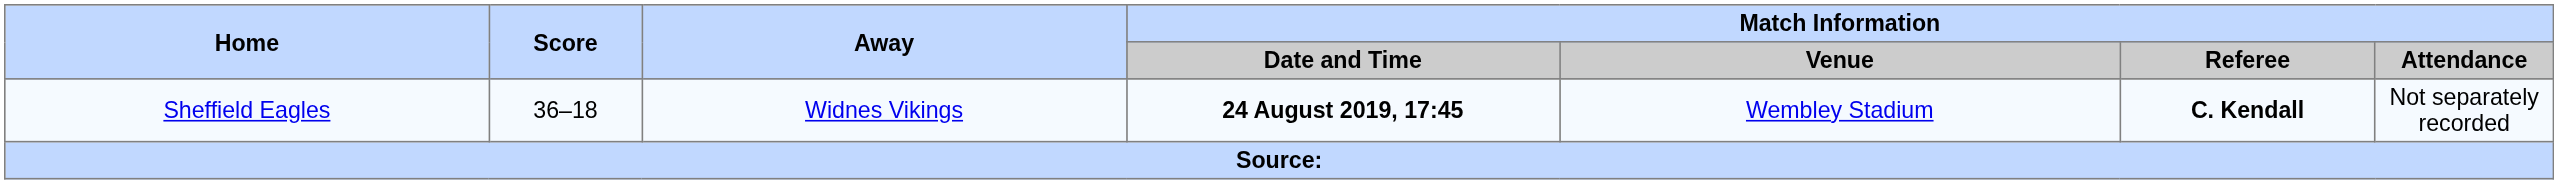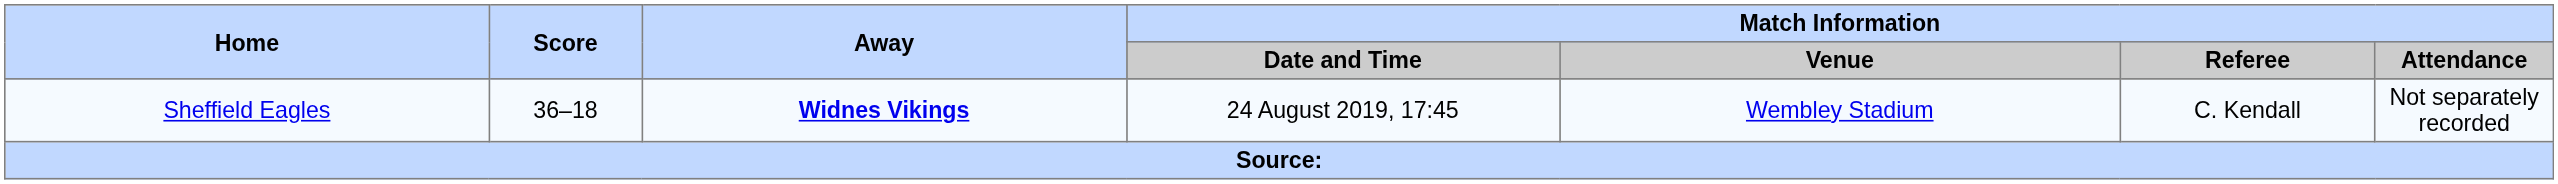 <table border=1 style="border-collapse:collapse; font-size:90%; text-align:center;" cellpadding=3 cellspacing=0 width=100%>
 <tr bgcolor=#C1D8FF>
 <th rowspan=2 width=19%>Home</th>
 <th rowspan=2 width=6%>Score</th>
 <th rowspan=2 width=19%>Away</th>
 <th colspan=4>Match Information</th>
 </tr>
 <tr bgcolor=#CCCCCC>
 <th width=17%>Date and Time</th>
 <th width=22%>Venue</th>
 <th width=10%>Referee</th>
 <th width=7%>Attendance</th>
 </tr>
 <tr bgcolor=#F5FAFF>
 <td> <a href='#'>Sheffield Eagles</a></td>
 <td>36–18</td>
-<td> <a href='#'>Widnes Vikings</a></td>
-<td><strong>24 August 2019, 17:45</strong></td>
+<td><strong> <a href='#'>Widnes Vikings</a></strong></td>
+<td>24 August 2019, 17:45</td>
 <td><a href='#'>Wembley Stadium</a></td>
-<td><strong>C. Kendall</strong></td>
+<td>C. Kendall</td>
 <td>Not separately recorded</td>
 </tr>
 <tr bgcolor="#c1d8ff">
 <th colspan="12">Source:</th>
 </tr>
 </table>
